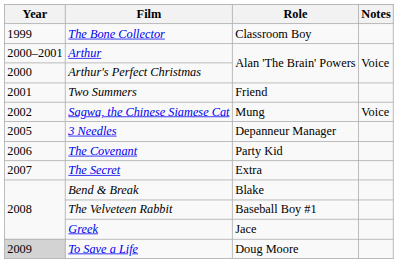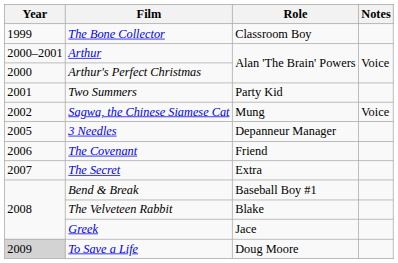 <table class="wikitable">
 <tr style="background:#B0C4DE;">
 <th>Year</th>
 <th>Film</th>
 <th>Role</th>
 <th>Notes</th>
 </tr>
 <tr>
 <td>1999</td>
 <td><em><a href='#'>The Bone Collector</a></em></td>
 <td>Classroom Boy</td>
 <td></td>
 </tr>
 <tr>
 <td>2000–2001</td>
 <td><em><a href='#'>Arthur</a></em></td>
 <td rowspan=2>Alan 'The Brain' Powers</td>
 <td rowspan=2>Voice</td>
 </tr>
 <tr>
 <td>2000</td>
 <td><em>Arthur's Perfect Christmas</em></td>
 </tr>
 <tr>
 <td>2001</td>
 <td><em>Two Summers</em></td>
-<td>Friend</td>
+<td>Party Kid</td>
 <td></td>
 </tr>
 <tr>
 <td>2002</td>
 <td><em><a href='#'>Sagwa, the Chinese Siamese Cat</a></em></td>
 <td>Mung</td>
 <td>Voice</td>
 </tr>
 <tr>
 <td>2005</td>
 <td><em><a href='#'>3 Needles</a></em></td>
 <td>Depanneur Manager</td>
 <td></td>
 </tr>
 <tr>
 <td>2006</td>
 <td><em><a href='#'>The Covenant</a></em></td>
-<td>Party Kid</td>
+<td>Friend</td>
 <td></td>
 </tr>
 <tr>
 <td>2007</td>
 <td><em><a href='#'>The Secret</a></em></td>
 <td>Extra</td>
 <td></td>
 </tr>
 <tr>
 <td rowspan=3>2008</td>
 <td><em>Bend & Break</em></td>
-<td>Blake</td>
+<td>Baseball Boy #1</td>
 <td></td>
 </tr>
 <tr>
 <td><em>The Velveteen Rabbit</em></td>
-<td>Baseball Boy #1</td>
+<td>Blake</td>
 <td></td>
 </tr>
 <tr>
 <td><em><a href='#'>Greek</a></em></td>
 <td>Jace</td>
 <td></td>
 </tr>
 <tr>
 <td style="background: lightgrey;">2009</td>
 <td><em><a href='#'>To Save a Life</a></em></td>
 <td>Doug Moore</td>
 <td></td>
 </tr>
 </table>
